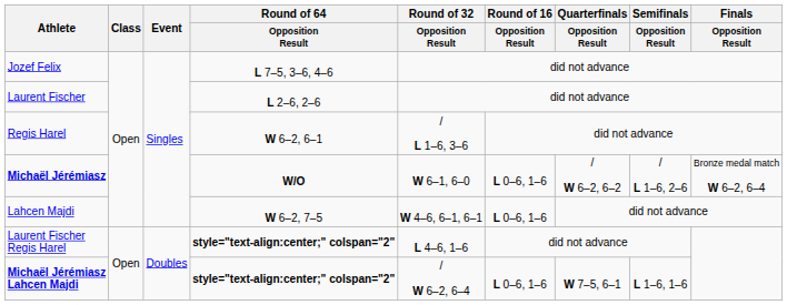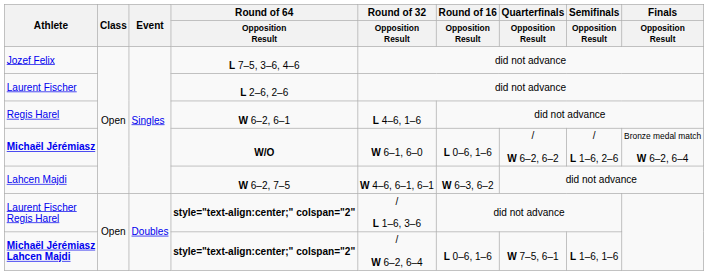 <table class=wikitable style="font-size:90%">
 <tr>
 <th rowspan="2">Athlete</th>
 <th rowspan="2">Class</th>
 <th rowspan="2">Event</th>
 <th>Round of 64</th>
 <th>Round of 32</th>
 <th>Round of 16</th>
 <th>Quarterfinals</th>
 <th>Semifinals</th>
 <th>Finals</th>
 </tr>
 <tr>
 <th style="line-height:1em"><small>Opposition<br>Result</small></th>
 <th style="line-height:1em"><small>Opposition<br>Result</small></th>
 <th style="line-height:1em"><small>Opposition<br>Result</small></th>
 <th style="line-height:1em"><small>Opposition<br>Result</small></th>
 <th style="line-height:1em"><small>Opposition<br>Result</small></th>
 <th style="line-height:1em"><small>Opposition<br>Result</small></th>
 </tr>
 <tr>
 <td><a href='#'>Jozef Felix</a></td>
 <td rowspan="5" style="text-align:center;">Open</td>
 <td rowspan="5"><a href='#'>Singles</a></td>
 <td style="text-align:center;"><br> <strong>L</strong> 7–5, 3–6, 4–6</td>
 <td style="text-align:center;" colspan="5">did not advance</td>
 </tr>
 <tr>
 <td><a href='#'>Laurent Fischer</a></td>
 <td style="text-align:center;"><br> <strong>L</strong> 2–6, 2–6</td>
 <td style="text-align:center;" colspan="5">did not advance</td>
 </tr>
 <tr>
 <td><a href='#'>Regis Harel</a></td>
 <td style="text-align:center;"><br> <strong>W</strong> 6–2, 6–1</td>
-<td style="text-align:center;"> /<br> <br> <strong>L</strong> 1–6, 3–6</td>
+<td style="text-align:center;"><br> <strong>L</strong> 4–6, 1–6</td>
 <td style="text-align:center;" colspan="4">did not advance</td>
 </tr>
 <tr>
 <td><strong><a href='#'>Michaël Jérémiasz</a></strong></td>
 <td style="text-align:center;"><strong><br> W/O</strong></td>
 <td style="text-align:center;"><br><strong>W</strong> 6–1, 6–0</td>
 <td style="text-align:center;"><br><strong>L</strong> 0–6, 1–6</td>
 <td style="text-align:center;"> /<br> <br> <strong>W</strong> 6–2, 6–2</td>
 <td style="text-align:center;"> /<br> <br> <strong>L</strong> 1–6, 2–6 </td>
 <td style="text-align:center;"><small>Bronze medal match</small><br><br><strong>W</strong> 6–2, 6–4 </td>
 </tr>
 <tr>
 <td><a href='#'>Lahcen Majdi</a></td>
 <td style="text-align:center;"><br><strong>W</strong> 6–2, 7–5</td>
 <td style="text-align:center;"><br><strong>W</strong> 4–6, 6–1, 6–1</td>
-<td style="text-align:center;"><br><strong>L</strong> 0–6, 1–6</td>
+<td style="text-align:center;"><br><strong>W</strong> 6–3, 6–2</td>
 <td style="text-align:center;" colspan="3">did not advance</td>
 </tr>
 <tr>
 <td><a href='#'>Laurent Fischer</a><br> <a href='#'>Regis Harel</a></td>
 <td rowspan="2" style="text-align:center;">Open</td>
 <td rowspan="2"><a href='#'>Doubles</a></td>
 <td><strong>style="text-align:center;" colspan="2" </strong></td>
-<td style="text-align:center;"><br> <strong>L</strong> 4–6, 1–6</td>
+<td style="text-align:center;"> /<br> <br> <strong>L</strong> 1–6, 3–6</td>
 <td style="text-align:center;" colspan="3">did not advance</td>
 </tr>
 <tr>
 <td><strong><a href='#'>Michaël Jérémiasz</a></strong><br> <strong><a href='#'>Lahcen Majdi</a></strong></td>
 <td><strong>style="text-align:center;" colspan="2" </strong></td>
 <td style="text-align:center;"> /<br> <br> <strong>W</strong> 6–2, 6–4</td>
 <td style="text-align:center;"><br><strong>L</strong> 0–6, 1–6</td>
 <td style="text-align:center;"><br><strong>W</strong> 7–5, 6–1</td>
 <td style="text-align:center;"><br><strong>L</strong> 1–6, 1–6</td>
 </tr>
 </table>
